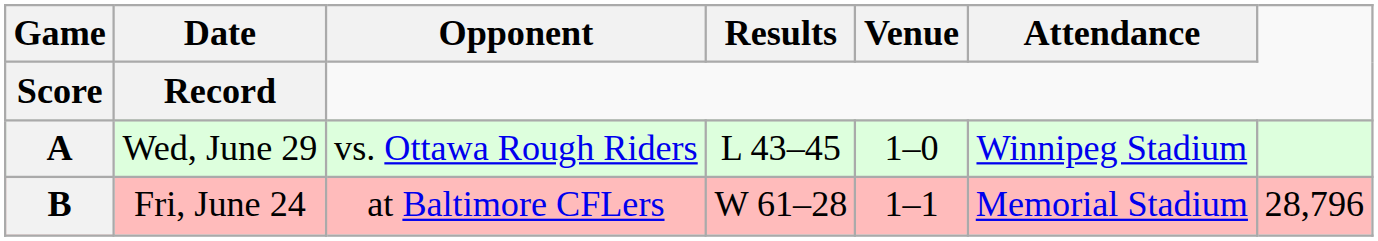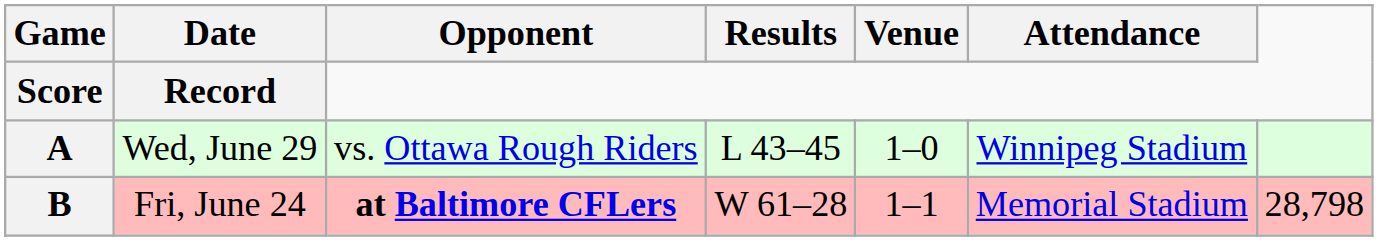 <table class="wikitable" style="text-align:center">
 <tr>
 <th>Game</th>
 <th>Date</th>
 <th>Opponent</th>
 <th>Results</th>
 <th>Venue</th>
 <th>Attendance</th>
 </tr>
 <tr>
 <th>Score</th>
 <th>Record</th>
 </tr>
 <tr style="background:#ddffdd">
 <th>A</th>
 <td>Wed, June 29</td>
 <td>vs. <a href='#'>Ottawa Rough Riders</a></td>
 <td>L 43–45</td>
 <td>1–0</td>
 <td><a href='#'>Winnipeg Stadium</a></td>
 <td></td>
 </tr>
 <tr style="background:#ffbbbb">
 <th>B</th>
 <td>Fri, June 24</td>
-<td>at <a href='#'>Baltimore CFLers</a></td>
+<td><strong>at <a href='#'>Baltimore CFLers</a></strong></td>
 <td>W 61–28</td>
 <td>1–1</td>
 <td><a href='#'>Memorial Stadium</a></td>
-<td>28,796</td>
+<td>28,798</td>
 </tr>
 </table>
